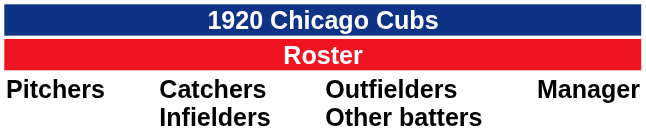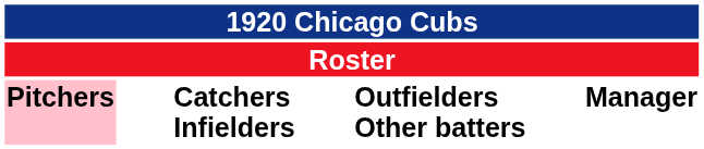 <table class="toccolours" style="font-size: 95%;">
 <tr>
 <th colspan="10" style="background-color: #0e3386; color: white; text-align: center;">1920 Chicago Cubs</th>
 </tr>
 <tr>
 <td colspan="10" style="background-color: #EE1422; color: white; text-align: center;"><strong>Roster</strong></td>
 </tr>
 <tr>
-<td valign="top"><strong>Pitchers</strong><br>            </td>
+<td valign="top" style="background: pink;"><strong>Pitchers</strong><br>            </td>
 <td width="25px"></td>
 <td valign="top"><strong>Catchers</strong><br>   <strong>Infielders</strong>          </td>
 <td width="25px"></td>
 <td valign="top"><strong>Outfielders</strong><br>    <strong>Other batters</strong> </td>
 <td width="25px"></td>
 <td valign="top"><strong>Manager</strong><br></td>
 </tr>
 </table>
